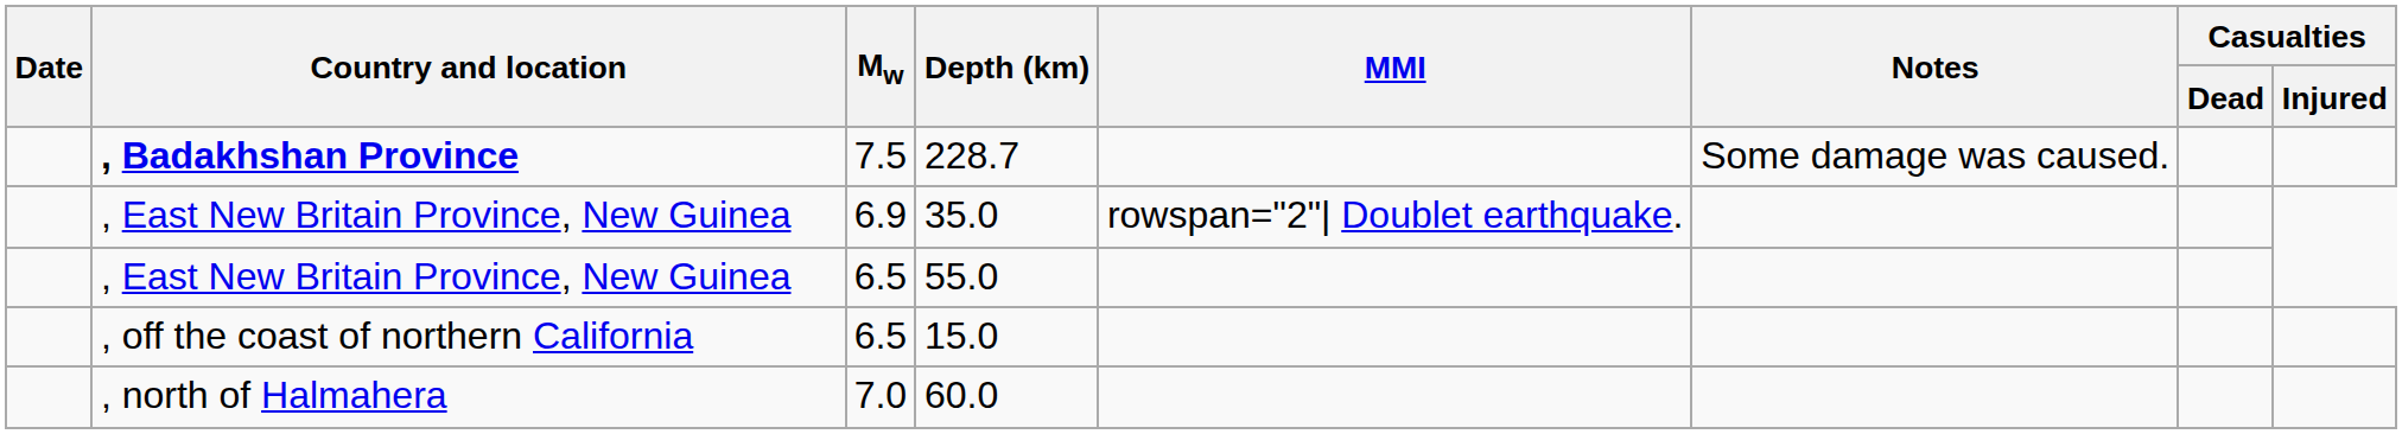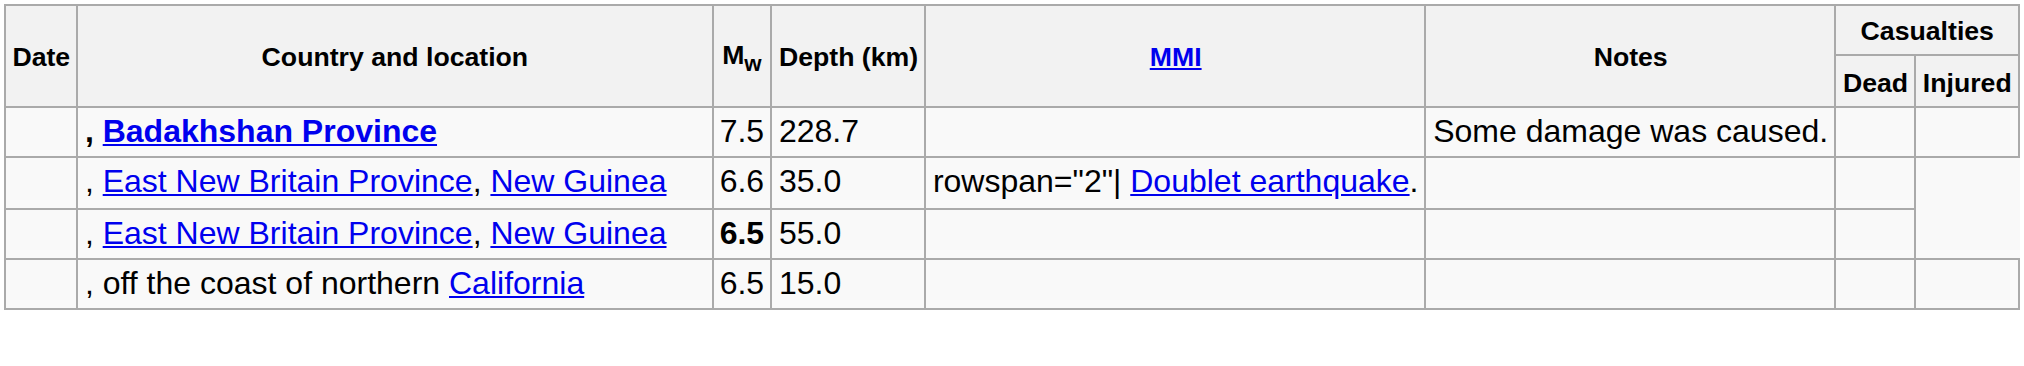 <table class="wikitable sortable sort-under" style="border:1px black; margin-left:1em;">
 <tr>
 <th rowspan="2"><small>Date</small></th>
 <th rowspan="2" style="width: 310px"><small>Country and location</small></th>
 <th rowspan="2"><small>M<sub>w</sub></small></th>
 <th rowspan="2"><small>Depth (km)</small></th>
 <th rowspan="2"><small><a href='#'>MMI</a></small></th>
 <th rowspan="2" class="unsortable"><small>Notes</small></th>
 <th colspan="2"><small>Casualties</small></th>
 </tr>
 <tr>
 <th><small>Dead</small></th>
 <th><small>Injured</small></th>
 </tr>
 <tr>
 <td></td>
 <td><strong>, <a href='#'>Badakhshan Province</a></strong></td>
 <td>7.5</td>
 <td>228.7</td>
 <td></td>
 <td>Some damage was caused.</td>
 <td></td>
 <td></td>
 </tr>
 <tr>
 <td></td>
 <td>, <a href='#'>East New Britain Province</a>, <a href='#'>New Guinea</a></td>
-<td>6.9</td>
+<td>6.6</td>
 <td>35.0</td>
 <td>rowspan="2"| <a href='#'>Doublet earthquake</a>.</td>
 <td></td>
 <td></td>
 </tr>
 <tr>
 <td></td>
 <td>, <a href='#'>East New Britain Province</a>, <a href='#'>New Guinea</a></td>
-<td>6.5</td>
+<td><strong>6.5</strong></td>
 <td>55.0</td>
 <td></td>
 <td></td>
 <td></td>
 </tr>
 <tr>
 <td></td>
 <td>, off the coast of northern <a href='#'>California</a></td>
 <td>6.5</td>
 <td>15.0</td>
 <td></td>
 <td></td>
 <td></td>
 <td></td>
 </tr>
-<tr>
-<td></td>
-<td>, north of <a href='#'>Halmahera</a></td>
-<td>7.0</td>
-<td>60.0</td>
-<td></td>
-<td></td>
-<td></td>
-<td></td>
-</tr>
 </table>
